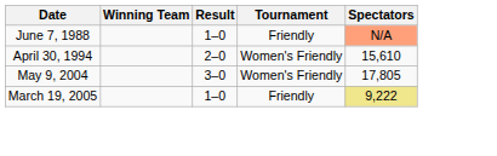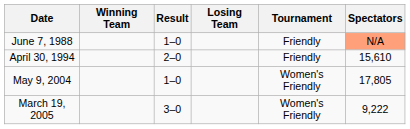 <table class="wikitable"  style="text-align:center;">
 <tr>
 <th style="text-align:center; ">Date</th>
 <th style="text-align:center; ">Winning Team</th>
 <th style="text-align:center; ">Result</th>
+<th style="text-align:center; ">Losing Team</th>
 <th style="text-align:center; ">Tournament</th>
 <th style="text-align:center; ">Spectators</th>
 </tr>
 <tr>
 <td>June 7, 1988</td>
 <td><strong></strong></td>
 <td>1–0</td>
+<td></td>
 <td>Friendly</td>
 <td style="background: lightsalmon;">N/A</td>
 </tr>
 <tr>
 <td>April 30, 1994</td>
 <td><strong></strong></td>
 <td>2–0</td>
-<td>Women's Friendly</td>
+<td></td>
+<td>Friendly</td>
 <td>15,610</td>
 </tr>
 <tr>
 <td>May 9, 2004</td>
 <td><strong></strong></td>
-<td>3–0</td>
+<td>1–0</td>
+<td></td>
 <td>Women's Friendly</td>
 <td>17,805</td>
 </tr>
 <tr>
 <td>March 19, 2005</td>
 <td><strong></strong></td>
-<td>1–0</td>
-<td>Friendly</td>
-<td style="background: khaki;">9,222</td>
+<td>3–0</td>
+<td></td>
+<td>Women's Friendly</td>
+<td>9,222</td>
 </tr>
 </table>
